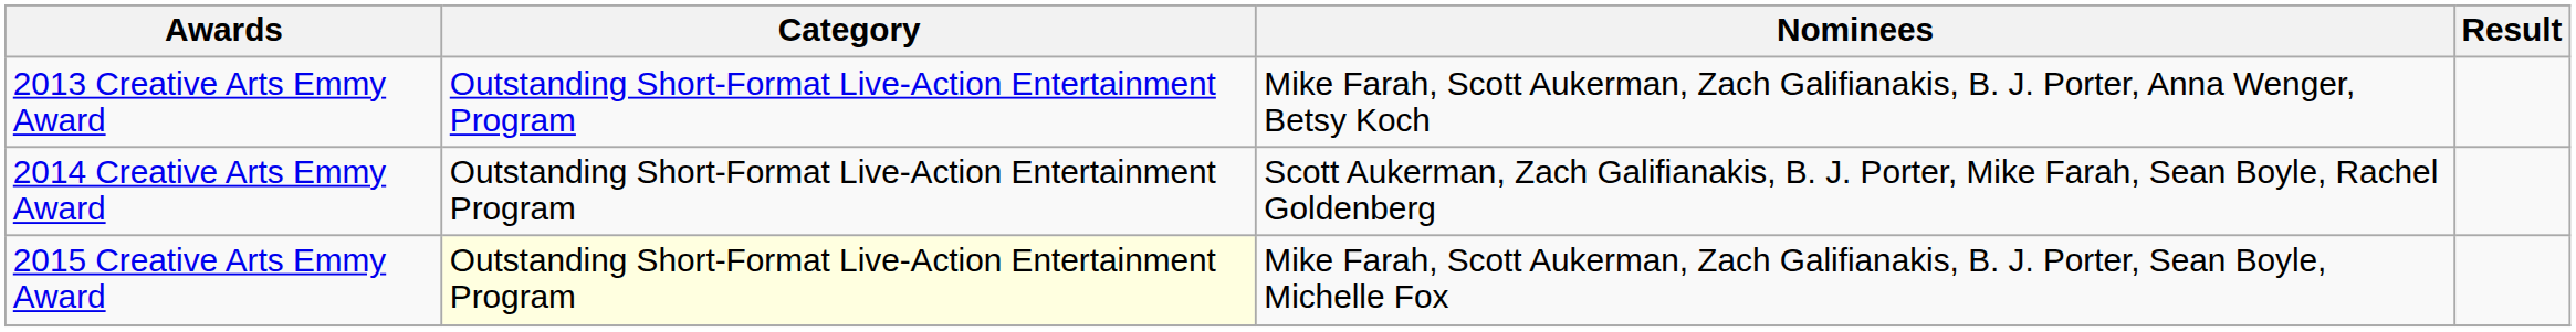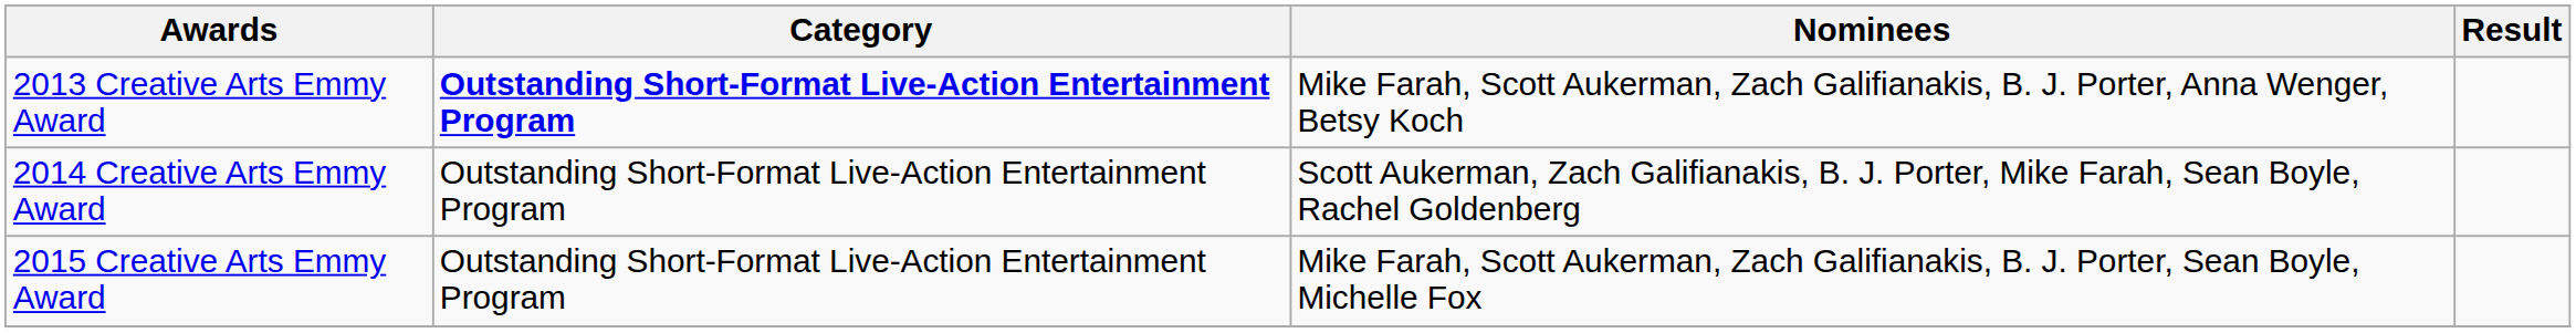 <table class="wikitable plainrowheaders">
 <tr>
 <th scope="col">Awards</th>
 <th scope="col">Category</th>
 <th scope="col">Nominees</th>
 <th scope="col">Result</th>
 </tr>
 <tr>
 <td><a href='#'>2013 Creative Arts Emmy Award</a></td>
-<td><a href='#'>Outstanding Short-Format Live-Action Entertainment Program</a></td>
+<td><strong><a href='#'>Outstanding Short-Format Live-Action Entertainment Program</a></strong></td>
 <td>Mike Farah, Scott Aukerman, Zach Galifianakis, B. J. Porter, Anna Wenger, Betsy Koch</td>
 <td></td>
 </tr>
 <tr>
 <td><a href='#'>2014 Creative Arts Emmy Award</a></td>
 <td>Outstanding Short-Format Live-Action Entertainment Program</td>
 <td>Scott Aukerman, Zach Galifianakis, B. J. Porter, Mike Farah, Sean Boyle, Rachel Goldenberg</td>
 <td></td>
 </tr>
 <tr>
 <td><a href='#'>2015 Creative Arts Emmy Award</a></td>
-<td style="background: lightyellow;">Outstanding Short-Format Live-Action Entertainment Program</td>
+<td>Outstanding Short-Format Live-Action Entertainment Program</td>
 <td>Mike Farah, Scott Aukerman, Zach Galifianakis, B. J. Porter, Sean Boyle, Michelle Fox</td>
 <td></td>
 </tr>
 <tr>
 </tr>
 </table>
